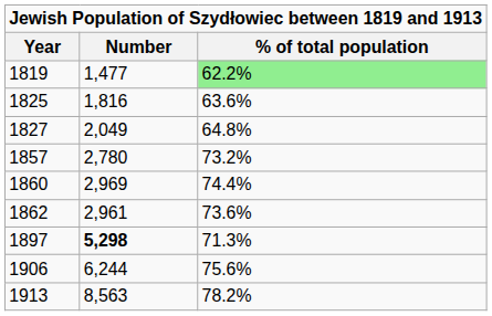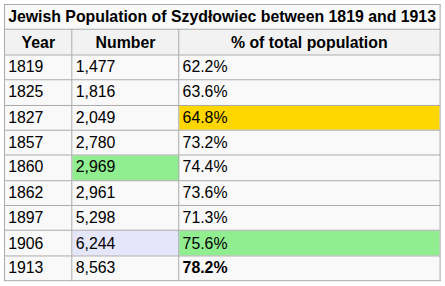 <table class="wikitable">
 <tr>
 <td colspan="9" align="center"><strong>Jewish Population of Szydłowiec</strong> <strong>between 1819 and 1913</strong></td>
 </tr>
 <tr>
 <th>Year</th>
 <th>Number</th>
 <th>% of total population</th>
 </tr>
 <tr>
 <td>1819</td>
 <td>1,477</td>
-<td style="background: lightgreen;">62.2%</td>
+<td>62.2%</td>
 </tr>
 <tr>
 <td>1825</td>
 <td>1,816</td>
 <td>63.6%</td>
 </tr>
 <tr>
 <td>1827</td>
 <td>2,049</td>
-<td>64.8%</td>
+<td style="background: gold;">64.8%</td>
 </tr>
 <tr>
 <td>1857</td>
 <td>2,780</td>
 <td>73.2%</td>
 </tr>
 <tr>
 <td>1860</td>
-<td>2,969</td>
+<td style="background: lightgreen;">2,969</td>
 <td>74.4%</td>
 </tr>
 <tr>
 <td>1862</td>
 <td>2,961</td>
 <td>73.6%</td>
 </tr>
 <tr>
 <td>1897</td>
-<td><strong>5,298</strong></td>
+<td>5,298</td>
 <td>71.3%</td>
 </tr>
 <tr>
 <td>1906</td>
-<td>6,244</td>
-<td>75.6%</td>
+<td style="background: lavender;">6,244</td>
+<td style="background: lightgreen;">75.6%</td>
 </tr>
 <tr>
 <td>1913</td>
 <td>8,563</td>
-<td>78.2%</td>
+<td><strong>78.2%</strong></td>
 </tr>
 </table>
